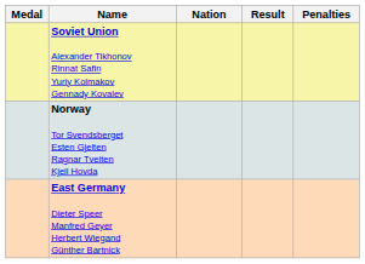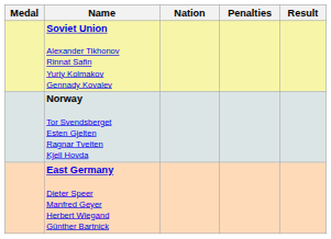 <table class=wikitable style="border:1px solid #AAAAAA;font-size:90%">
 <tr bgcolor="#E4E4E4">
 <th style="border-bottom:1px solid #AAAAAA" width=50>Medal</th>
 <th style="border-bottom:1px solid #AAAAAA" width=160>Name</th>
 <th style="border-bottom:1px solid #AAAAAA" width=80>Nation</th>
+<th style="border-bottom:1px solid #AAAAAA" width=80>Penalties</th>
 <th style="border-bottom:1px solid #AAAAAA" width=60>Result</th>
-<th style="border-bottom:1px solid #AAAAAA" width=80>Penalties</th>
 </tr>
 <tr bgcolor="#F7F6A8">
 <td align="center"></td>
 <td><strong><a href='#'>Soviet Union</a></strong><br><br><small><a href='#'>Alexander Tikhonov</a><br><a href='#'>Rinnat Safin</a><br><a href='#'>Yuriy Kolmakov</a><br><a href='#'>Gennady Kovalev</a></small></td>
 <td></td>
 <td align="center"></td>
 <td align="center"></td>
 </tr>
 <tr bgcolor="#DCE5E5">
 <td align="center"></td>
 <td><strong>Norway</strong><br><br><small><a href='#'>Tor Svendsberget</a><br><a href='#'>Esten Gjelten</a><br><a href='#'>Ragnar Tveiten</a><br><a href='#'>Kjell Hovda</a></small></td>
 <td></td>
+<td align="center"></td>
 <td align="right"></td>
-<td align="center"></td>
 </tr>
 <tr bgcolor="#FFDAB9">
 <td align="center"></td>
 <td><strong><a href='#'>East Germany</a></strong><br><br><small><a href='#'>Dieter Speer</a><br><a href='#'>Manfred Geyer</a><br><a href='#'>Herbert Wiegand</a><br><a href='#'>Günther Bartnick</a></small></td>
 <td></td>
+<td align="center"></td>
 <td align="right"></td>
-<td align="center"></td>
 </tr>
 </table>
